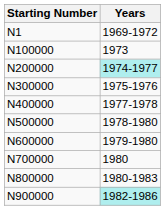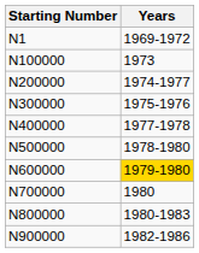 <table class="wikitable">
 <tr>
 <th>Starting Number</th>
 <th>Years</th>
 </tr>
 <tr>
 <td>N1</td>
 <td>1969-1972</td>
 </tr>
 <tr>
 <td>N100000</td>
 <td>1973</td>
 </tr>
 <tr>
 <td>N200000</td>
-<td style="background: paleturquoise;">1974-1977</td>
+<td>1974-1977</td>
 </tr>
 <tr>
 <td>N300000</td>
 <td>1975-1976</td>
 </tr>
 <tr>
 <td>N400000</td>
 <td>1977-1978</td>
 </tr>
 <tr>
 <td>N500000</td>
 <td>1978-1980</td>
 </tr>
 <tr>
 <td>N600000</td>
-<td>1979-1980</td>
+<td style="background: gold;">1979-1980</td>
 </tr>
 <tr>
 <td>N700000</td>
 <td>1980</td>
 </tr>
 <tr>
 <td>N800000</td>
 <td>1980-1983</td>
 </tr>
 <tr>
 <td>N900000</td>
-<td style="background: paleturquoise;">1982-1986</td>
+<td>1982-1986</td>
 </tr>
 </table>
